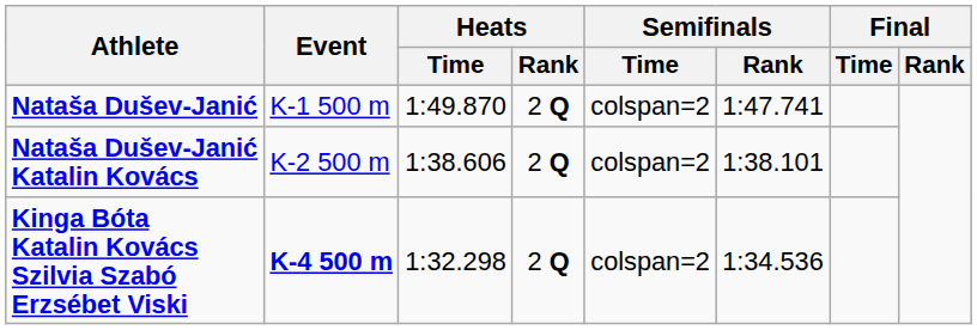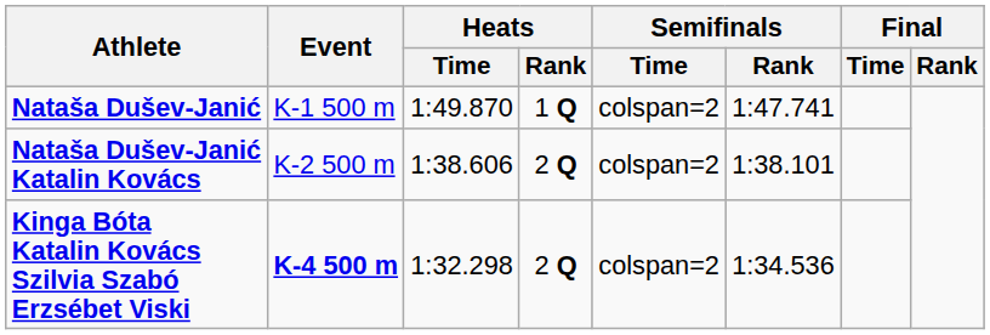 <table class="wikitable" style="font-size:90%">
 <tr>
 <th rowspan=2>Athlete</th>
 <th rowspan=2>Event</th>
 <th colspan=2>Heats</th>
 <th colspan=2>Semifinals</th>
 <th colspan=2>Final</th>
 </tr>
 <tr style="font-size:95%">
 <th>Time</th>
 <th>Rank</th>
 <th>Time</th>
 <th>Rank</th>
 <th>Time</th>
 <th>Rank</th>
 </tr>
 <tr align=center>
 <td align=left><strong><a href='#'>Nataša Dušev-Janić</a></strong></td>
 <td align=left><a href='#'>K-1 500 m</a></td>
 <td>1:49.870</td>
-<td>2 <strong>Q</strong></td>
+<td>1 <strong>Q</strong></td>
 <td>colspan=2 </td>
 <td>1:47.741</td>
 <td></td>
 </tr>
 <tr align=center>
 <td align=left><strong><a href='#'>Nataša Dušev-Janić</a><br><a href='#'>Katalin Kovács</a></strong></td>
 <td align=left><a href='#'>K-2 500 m</a></td>
 <td>1:38.606</td>
 <td>2 <strong>Q</strong></td>
 <td>colspan=2 </td>
 <td>1:38.101</td>
 <td></td>
 </tr>
 <tr align=center>
 <td align=left><strong><a href='#'>Kinga Bóta</a><br><a href='#'>Katalin Kovács</a><br><a href='#'>Szilvia Szabó</a><br><a href='#'>Erzsébet Viski</a></strong></td>
 <td align=left><strong><a href='#'>K-4 500 m</a></strong></td>
 <td>1:32.298</td>
 <td>2 <strong>Q</strong></td>
 <td>colspan=2 </td>
 <td>1:34.536</td>
 <td></td>
 </tr>
 </table>
